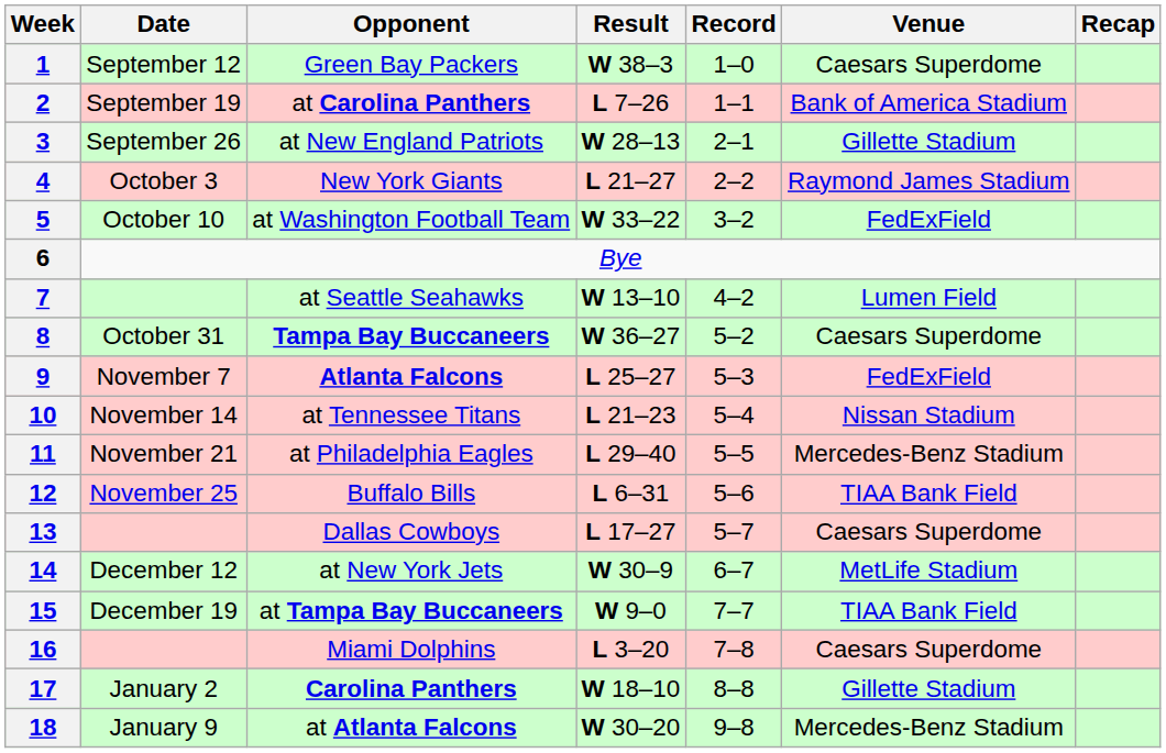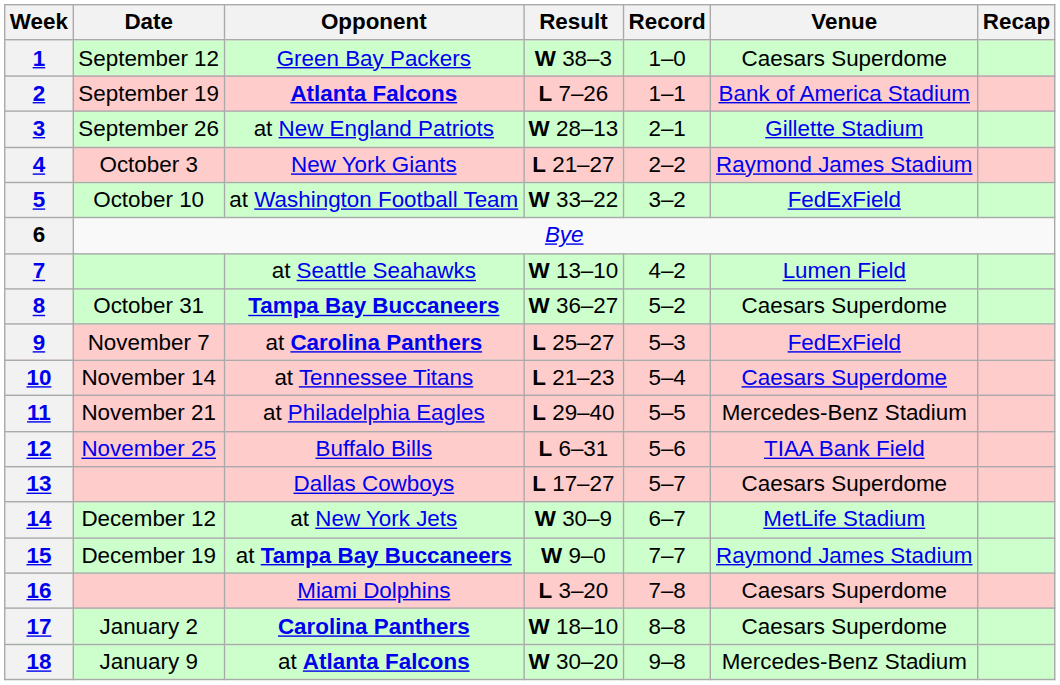 <table class="wikitable" style="text-align:center">
 <tr>
 <th>Week</th>
 <th>Date</th>
 <th>Opponent</th>
 <th>Result</th>
 <th>Record</th>
 <th>Venue</th>
 <th>Recap</th>
 </tr>
 <tr style="background:#cfc">
 <th><a href='#'>1</a></th>
 <td>September 12</td>
 <td><a href='#'>Green Bay Packers</a></td>
 <td><strong>W</strong> 38–3</td>
 <td>1–0</td>
 <td>Caesars Superdome</td>
 <td></td>
 </tr>
 <tr style="background:#fcc">
 <th><a href='#'>2</a></th>
 <td>September 19</td>
-<td>at <strong><a href='#'>Carolina Panthers</a></strong></td>
+<td><strong><a href='#'>Atlanta Falcons</a></strong></td>
 <td><strong>L</strong> 7–26</td>
 <td>1–1</td>
 <td><a href='#'>Bank of America Stadium</a></td>
 <td></td>
 </tr>
 <tr style="background:#cfc">
 <th><a href='#'>3</a></th>
 <td>September 26</td>
 <td>at <a href='#'>New England Patriots</a></td>
 <td><strong>W</strong> 28–13</td>
 <td>2–1</td>
 <td><a href='#'>Gillette Stadium</a></td>
 <td></td>
 </tr>
 <tr style="background:#fcc">
 <th><a href='#'>4</a></th>
 <td>October 3</td>
 <td><a href='#'>New York Giants</a></td>
 <td><strong>L</strong> 21–27 </td>
 <td>2–2</td>
 <td><a href='#'>Raymond James Stadium</a></td>
 <td></td>
 </tr>
 <tr style="background:#cfc">
 <th><a href='#'>5</a></th>
 <td>October 10</td>
 <td>at <a href='#'>Washington Football Team</a></td>
 <td><strong>W</strong> 33–22</td>
 <td>3–2</td>
 <td><a href='#'>FedExField</a></td>
 <td></td>
 </tr>
 <tr>
 <th>6</th>
 <td colspan="6"><em><a href='#'>Bye</a></em></td>
 </tr>
 <tr style="background:#cfc">
 <th><a href='#'>7</a></th>
 <td></td>
 <td>at <a href='#'>Seattle Seahawks</a></td>
 <td><strong>W</strong> 13–10</td>
 <td>4–2</td>
 <td><a href='#'>Lumen Field</a></td>
 <td></td>
 </tr>
 <tr style="background:#cfc">
 <th><a href='#'>8</a></th>
 <td>October 31</td>
 <td><strong><a href='#'>Tampa Bay Buccaneers</a></strong></td>
 <td><strong>W</strong> 36–27</td>
 <td>5–2</td>
 <td>Caesars Superdome</td>
 <td></td>
 </tr>
 <tr style="background:#fcc">
 <th><a href='#'>9</a></th>
 <td>November 7</td>
-<td><strong><a href='#'>Atlanta Falcons</a></strong></td>
+<td>at <strong><a href='#'>Carolina Panthers</a></strong></td>
 <td><strong>L</strong> 25–27</td>
 <td>5–3</td>
 <td><a href='#'>FedExField</a></td>
 <td></td>
 </tr>
 <tr style="background:#fcc">
 <th><a href='#'>10</a></th>
 <td>November 14</td>
 <td>at <a href='#'>Tennessee Titans</a></td>
 <td><strong>L</strong> 21–23</td>
 <td>5–4</td>
-<td><a href='#'>Nissan Stadium</a></td>
+<td><a href='#'>Caesars Superdome</a></td>
 <td></td>
 </tr>
 <tr style="background:#fcc">
 <th><a href='#'>11</a></th>
 <td>November 21</td>
 <td>at <a href='#'>Philadelphia Eagles</a></td>
 <td><strong>L</strong> 29–40</td>
 <td>5–5</td>
 <td>Mercedes-Benz Stadium</td>
 <td></td>
 </tr>
 <tr style="background:#fcc">
 <th><a href='#'>12</a></th>
 <td><a href='#'>November 25</a></td>
 <td><a href='#'>Buffalo Bills</a></td>
 <td><strong>L</strong> 6–31</td>
 <td>5–6</td>
 <td><a href='#'>TIAA Bank Field</a></td>
 <td></td>
 </tr>
 <tr style="background:#fcc">
 <th><a href='#'>13</a></th>
 <td></td>
 <td><a href='#'>Dallas Cowboys</a></td>
 <td><strong>L</strong> 17–27</td>
 <td>5–7</td>
 <td>Caesars Superdome</td>
 <td></td>
 </tr>
 <tr style="background:#cfc">
 <th><a href='#'>14</a></th>
 <td>December 12</td>
 <td>at <a href='#'>New York Jets</a></td>
 <td><strong>W</strong> 30–9</td>
 <td>6–7</td>
 <td><a href='#'>MetLife Stadium</a></td>
 <td></td>
 </tr>
 <tr style="background:#cfc">
 <th><a href='#'>15</a></th>
 <td>December 19</td>
 <td>at <strong><a href='#'>Tampa Bay Buccaneers</a></strong></td>
 <td><strong>W</strong> 9–0</td>
 <td>7–7</td>
-<td><a href='#'>TIAA Bank Field</a></td>
+<td><a href='#'>Raymond James Stadium</a></td>
 <td></td>
 </tr>
 <tr style="background:#fcc">
 <th><a href='#'>16</a></th>
 <td></td>
 <td><a href='#'>Miami Dolphins</a></td>
 <td><strong>L</strong> 3–20</td>
 <td>7–8</td>
 <td>Caesars Superdome</td>
 <td></td>
 </tr>
 <tr style="background:#cfc">
 <th><a href='#'>17</a></th>
 <td>January 2</td>
 <td><strong><a href='#'>Carolina Panthers</a></strong></td>
 <td><strong>W</strong> 18–10</td>
 <td>8–8</td>
-<td><a href='#'>Gillette Stadium</a></td>
+<td>Caesars Superdome</td>
 <td></td>
 </tr>
 <tr style="background:#cfc">
 <th><a href='#'>18</a></th>
 <td>January 9</td>
 <td>at <strong><a href='#'>Atlanta Falcons</a></strong></td>
 <td><strong>W</strong> 30–20</td>
 <td>9–8</td>
 <td>Mercedes-Benz Stadium</td>
 <td></td>
 </tr>
 </table>
